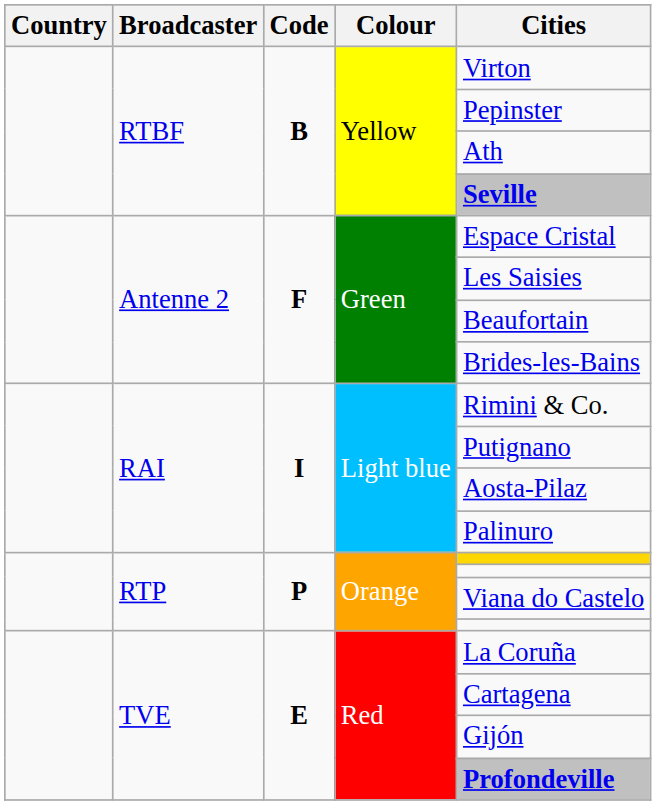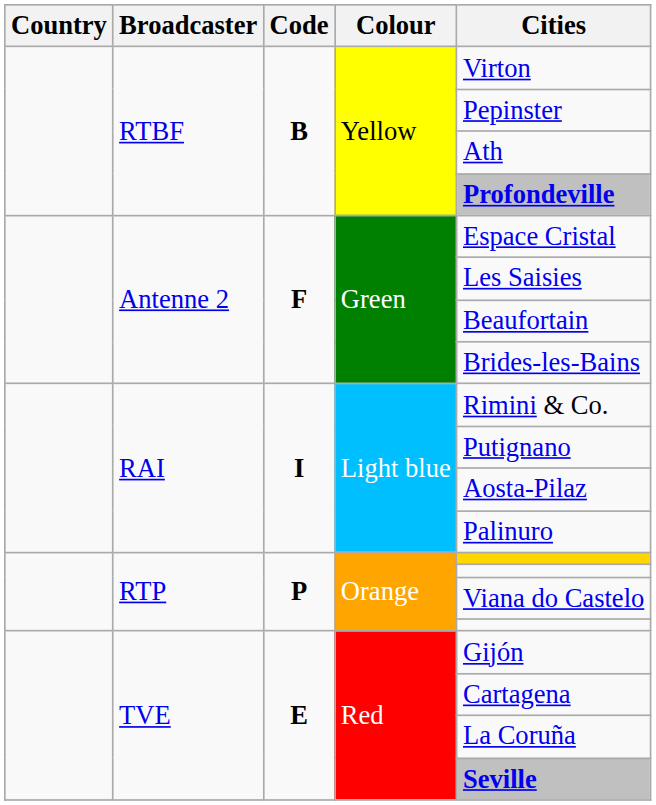 <table class="wikitable sortable">
 <tr>
 <th>Country</th>
 <th>Broadcaster</th>
 <th>Code</th>
 <th>Colour</th>
 <th>Cities</th>
 </tr>
 <tr>
 <td rowspan=4></td>
 <td rowspan=4><a href='#'>RTBF</a></td>
 <td rowspan=4 align="center"><strong>B</strong></td>
 <td rowspan=4 style="background:yellow">Yellow</td>
 <td><a href='#'>Virton</a></td>
 </tr>
 <tr>
 <td><a href='#'>Pepinster</a></td>
 </tr>
 <tr>
 <td><a href='#'>Ath</a></td>
 </tr>
 <tr>
-<td style="font-weight:bold; background:silver;"> <a href='#'>Seville</a></td>
+<td style="font-weight:bold; background:silver;"><a href='#'>Profondeville</a></td>
 </tr>
 <tr>
 <td rowspan=4></td>
 <td rowspan=4><a href='#'>Antenne 2</a></td>
 <td rowspan=4 align="center"><strong>F</strong></td>
 <td rowspan=4 style="background:green; color: white">Green</td>
 <td><a href='#'>Espace Cristal</a></td>
 </tr>
 <tr>
 <td><a href='#'>Les Saisies</a></td>
 </tr>
 <tr>
 <td><a href='#'>Beaufortain</a></td>
 </tr>
 <tr>
 <td><a href='#'>Brides-les-Bains</a></td>
 </tr>
 <tr>
 <td rowspan=4></td>
 <td rowspan=4><a href='#'>RAI</a></td>
 <td rowspan=4 align="center"><strong>I</strong></td>
 <td rowspan=4 style="background:deepskyblue; color: white">Light blue</td>
 <td><a href='#'>Rimini</a> & Co.</td>
 </tr>
 <tr>
 <td><a href='#'>Putignano</a></td>
 </tr>
 <tr>
 <td><a href='#'>Aosta-Pilaz</a></td>
 </tr>
 <tr>
 <td><a href='#'>Palinuro</a></td>
 </tr>
 <tr>
 <td rowspan=4></td>
 <td rowspan=4><a href='#'>RTP</a></td>
 <td rowspan=4 align="center"><strong>P</strong></td>
 <td rowspan=4 style="background:orange; color: white">Orange</td>
 <td style="font-weight:bold; background:gold;"></td>
 </tr>
 <tr>
 <td></td>
 </tr>
 <tr>
 <td><a href='#'>Viana do Castelo</a></td>
 </tr>
 <tr>
 <td></td>
 </tr>
 <tr>
 <td rowspan=4></td>
 <td rowspan=4><a href='#'>TVE</a></td>
 <td rowspan=4 align="center"><strong>E</strong></td>
 <td rowspan=4 style="background:red; color: white">Red</td>
-<td> <a href='#'>La Coruña</a></td>
+<td> <a href='#'>Gijón</a></td>
 </tr>
 <tr>
 <td> <a href='#'>Cartagena</a></td>
 </tr>
 <tr>
-<td> <a href='#'>Gijón</a></td>
+<td> <a href='#'>La Coruña</a></td>
 </tr>
 <tr>
-<td style="font-weight:bold; background:silver;"><a href='#'>Profondeville</a></td>
+<td style="font-weight:bold; background:silver;"> <a href='#'>Seville</a></td>
 </tr>
 </table>
